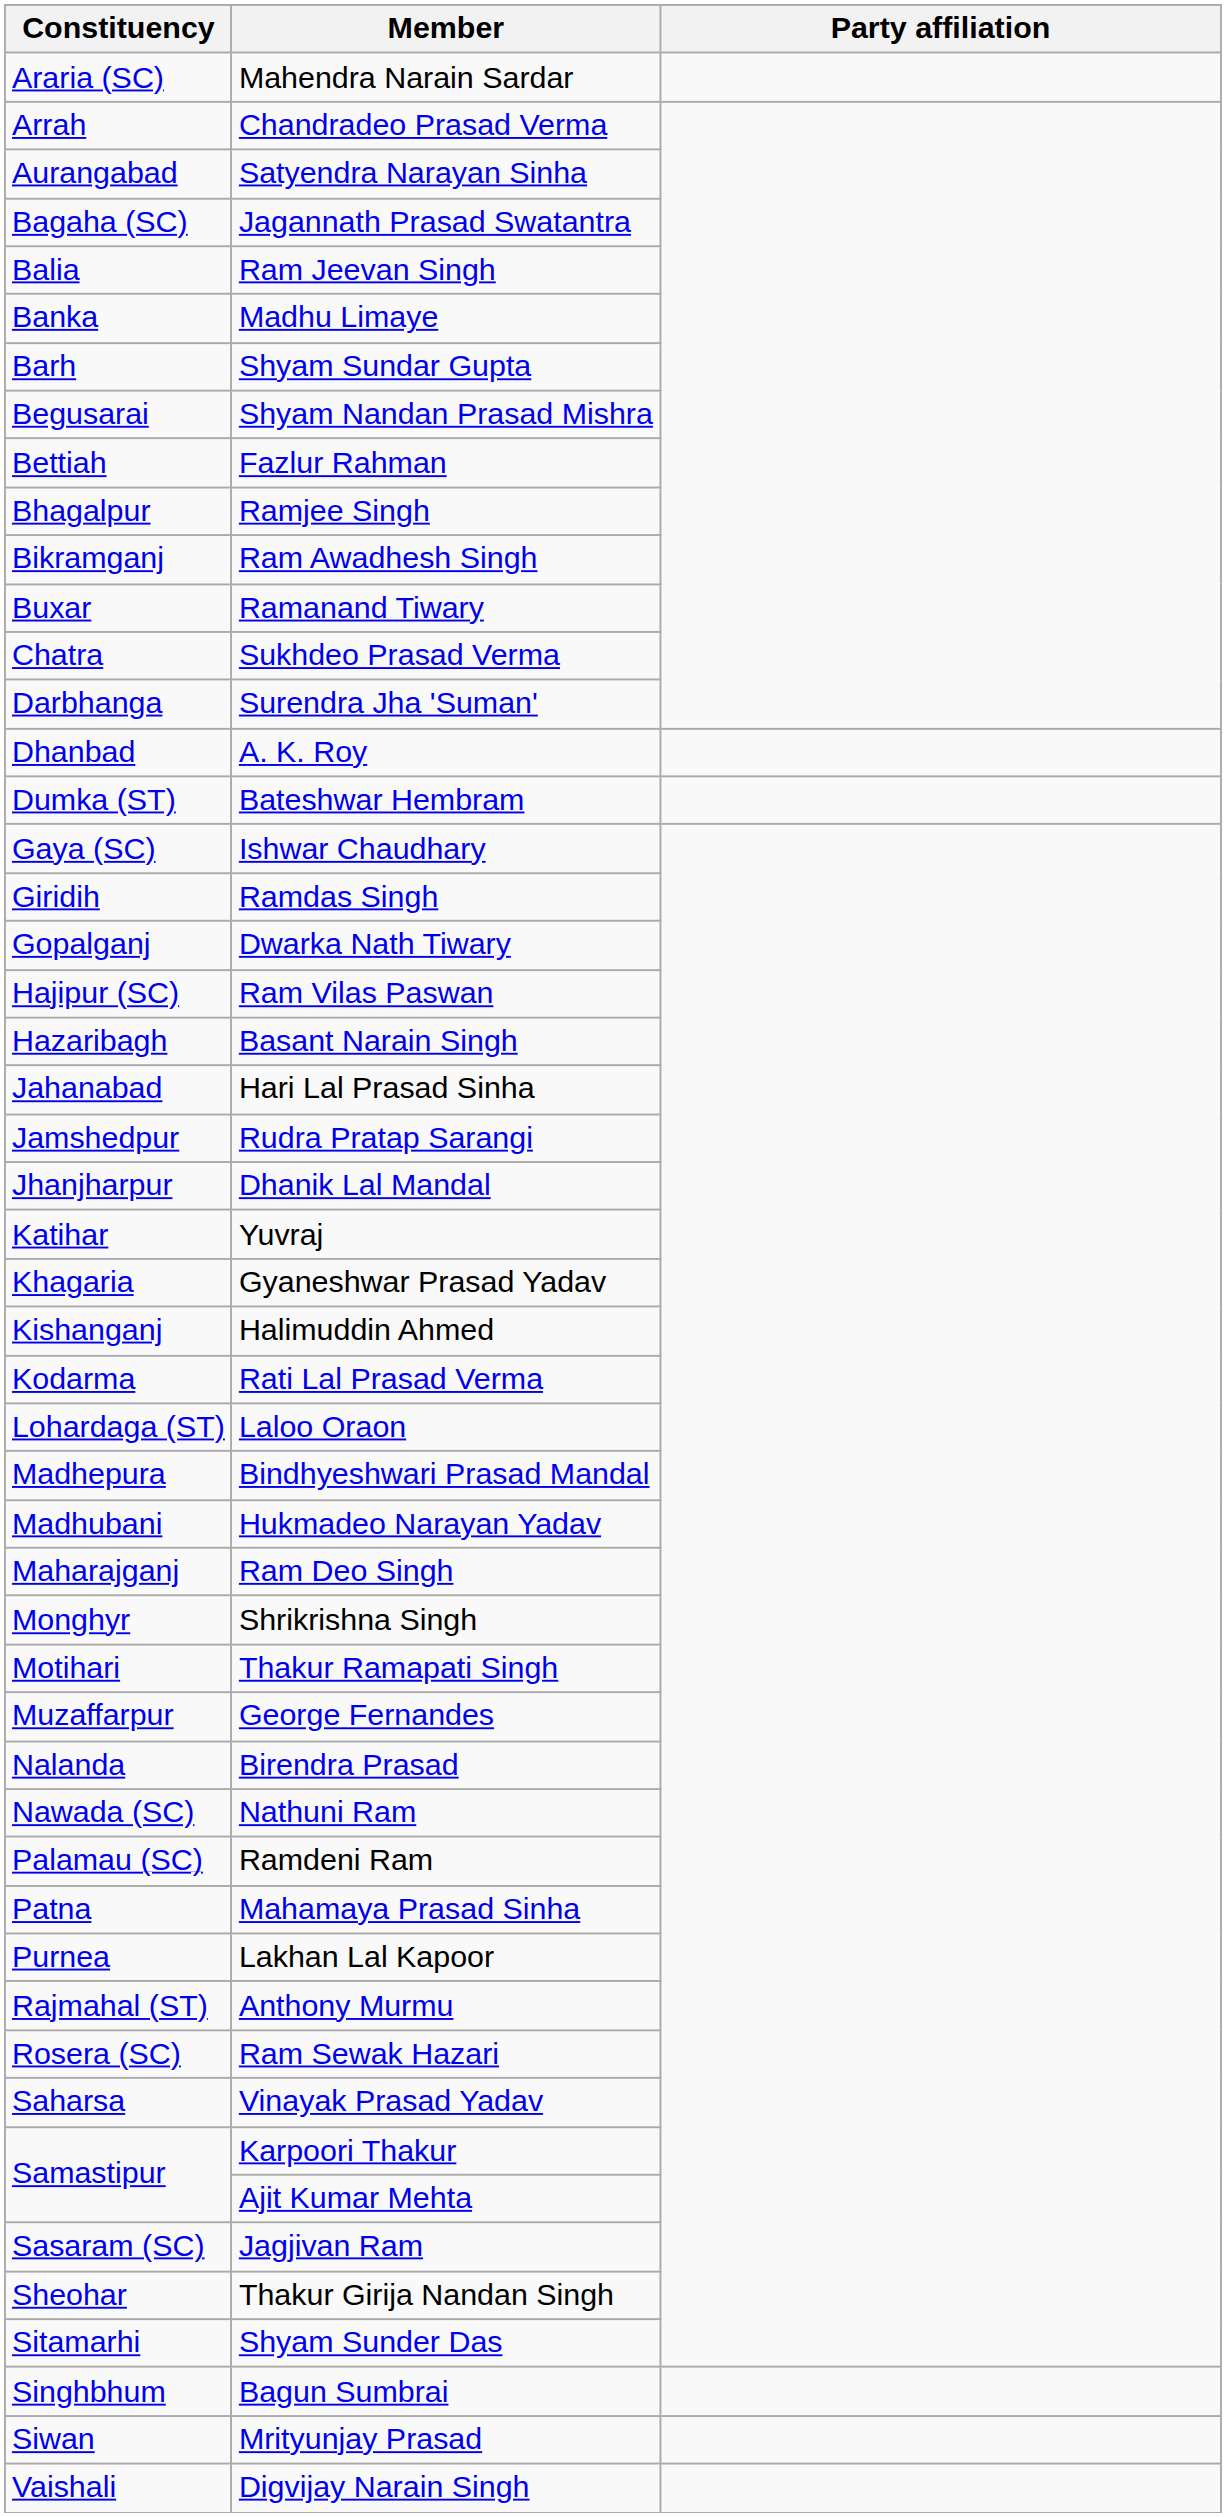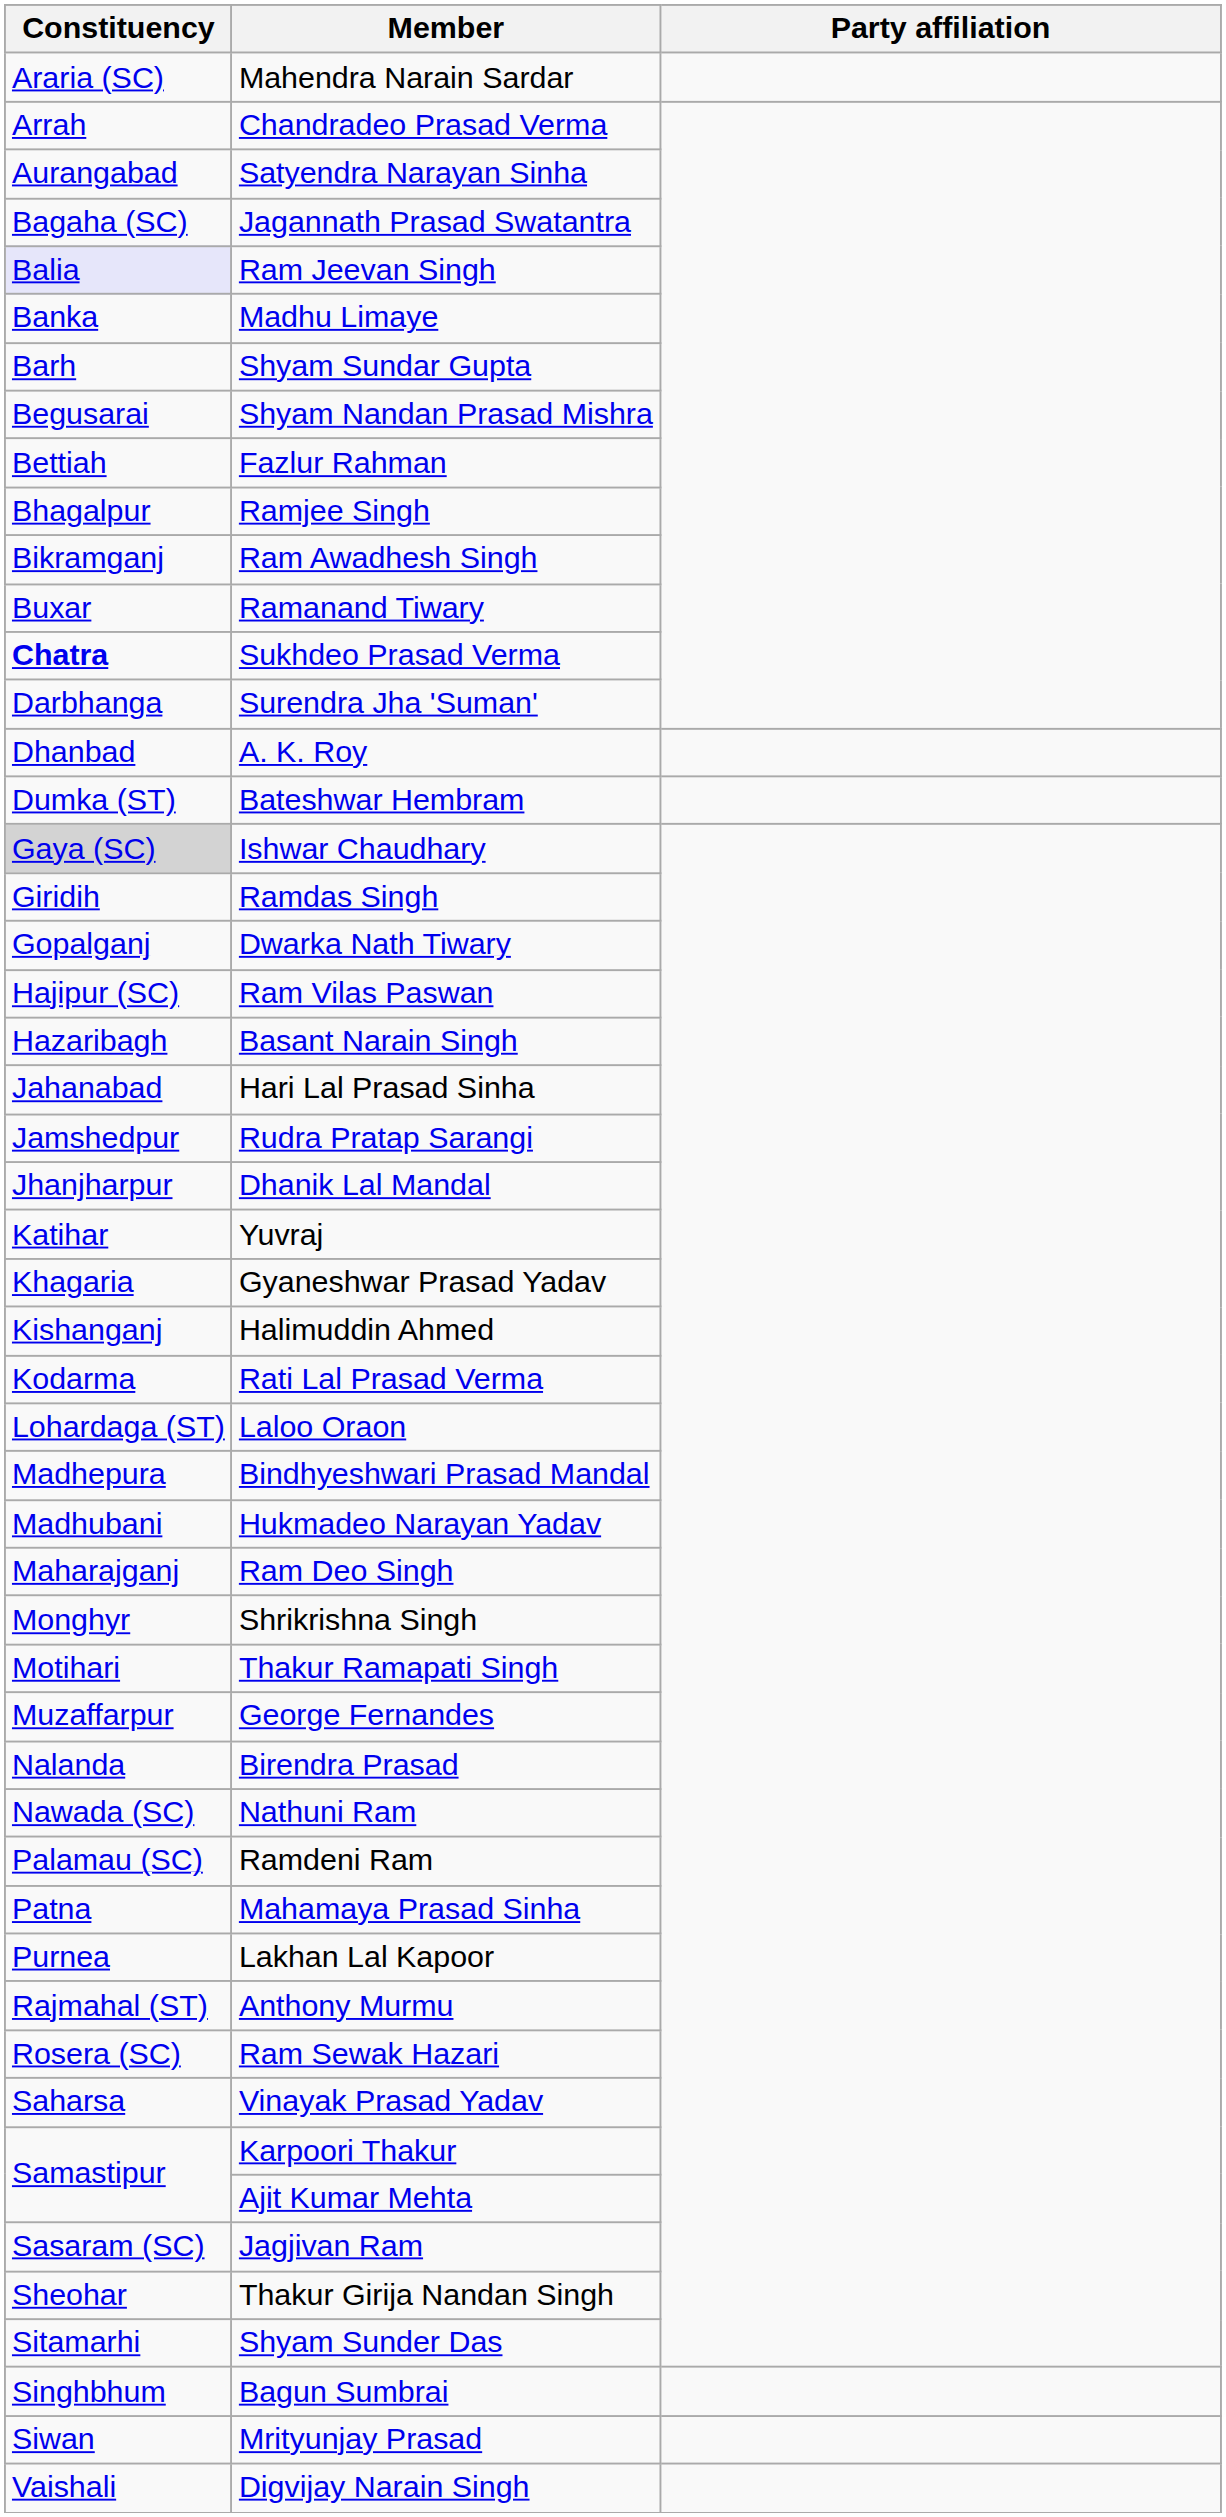 <table class="wikitable sortable">
 <tr>
 <th>Constituency</th>
 <th>Member</th>
 <th colspan="2" style="width:18em">Party affiliation</th>
 </tr>
 <tr>
 <td><a href='#'>Araria (SC)</a></td>
 <td>Mahendra Narain Sardar</td>
 <td></td>
 </tr>
 <tr>
 <td><a href='#'>Arrah</a></td>
 <td><a href='#'>Chandradeo Prasad Verma</a></td>
 </tr>
 <tr>
 <td><a href='#'>Aurangabad</a></td>
 <td><a href='#'>Satyendra Narayan Sinha</a></td>
 </tr>
 <tr>
 <td><a href='#'>Bagaha (SC)</a></td>
 <td><a href='#'>Jagannath Prasad Swatantra</a></td>
 </tr>
 <tr>
-<td><a href='#'>Balia</a></td>
+<td style="background: lavender;"><a href='#'>Balia</a></td>
 <td><a href='#'>Ram Jeevan Singh</a></td>
 </tr>
 <tr>
 <td><a href='#'>Banka</a></td>
 <td><a href='#'>Madhu Limaye</a></td>
 </tr>
 <tr>
 <td><a href='#'>Barh</a></td>
 <td><a href='#'>Shyam Sundar Gupta</a></td>
 </tr>
 <tr>
 <td><a href='#'>Begusarai</a></td>
 <td><a href='#'>Shyam Nandan Prasad Mishra</a></td>
 </tr>
 <tr>
 <td><a href='#'>Bettiah</a></td>
 <td><a href='#'>Fazlur Rahman</a></td>
 </tr>
 <tr>
 <td><a href='#'>Bhagalpur</a></td>
 <td><a href='#'>Ramjee Singh</a></td>
 </tr>
 <tr>
 <td><a href='#'>Bikramganj</a></td>
 <td><a href='#'>Ram Awadhesh Singh</a></td>
 </tr>
 <tr>
 <td><a href='#'>Buxar</a></td>
 <td><a href='#'>Ramanand Tiwary</a></td>
 </tr>
 <tr>
-<td><a href='#'>Chatra</a></td>
+<td><strong><a href='#'>Chatra</a></strong></td>
 <td><a href='#'>Sukhdeo Prasad Verma</a></td>
 </tr>
 <tr>
 <td><a href='#'>Darbhanga</a></td>
 <td><a href='#'>Surendra Jha 'Suman'</a></td>
 </tr>
 <tr>
 <td><a href='#'>Dhanbad</a></td>
 <td><a href='#'>A. K. Roy</a></td>
 <td></td>
 </tr>
 <tr>
 <td><a href='#'>Dumka (ST)</a></td>
 <td><a href='#'>Bateshwar Hembram</a></td>
 <td></td>
 </tr>
 <tr>
-<td><a href='#'>Gaya (SC)</a></td>
+<td style="background: lightgrey;"><a href='#'>Gaya (SC)</a></td>
 <td><a href='#'>Ishwar Chaudhary</a></td>
 </tr>
 <tr>
 <td><a href='#'>Giridih</a></td>
 <td><a href='#'>Ramdas Singh</a></td>
 </tr>
 <tr>
 <td><a href='#'>Gopalganj</a></td>
 <td><a href='#'>Dwarka Nath Tiwary</a></td>
 </tr>
 <tr>
 <td><a href='#'>Hajipur (SC)</a></td>
 <td><a href='#'>Ram Vilas Paswan</a></td>
 </tr>
 <tr>
 <td><a href='#'>Hazaribagh</a></td>
 <td><a href='#'>Basant Narain Singh</a></td>
 </tr>
 <tr>
 <td><a href='#'>Jahanabad</a></td>
 <td>Hari Lal Prasad Sinha</td>
 </tr>
 <tr>
 <td><a href='#'>Jamshedpur</a></td>
 <td><a href='#'>Rudra Pratap Sarangi</a></td>
 </tr>
 <tr>
 <td><a href='#'>Jhanjharpur</a></td>
 <td><a href='#'>Dhanik Lal Mandal</a></td>
 </tr>
 <tr>
 <td><a href='#'>Katihar</a></td>
 <td>Yuvraj</td>
 </tr>
 <tr>
 <td><a href='#'>Khagaria</a></td>
 <td>Gyaneshwar Prasad Yadav</td>
 </tr>
 <tr>
 <td><a href='#'>Kishanganj</a></td>
 <td>Halimuddin Ahmed</td>
 </tr>
 <tr>
 <td><a href='#'>Kodarma</a></td>
 <td><a href='#'>Rati Lal Prasad Verma</a></td>
 </tr>
 <tr>
 <td><a href='#'>Lohardaga (ST)</a></td>
 <td><a href='#'>Laloo Oraon</a></td>
 </tr>
 <tr>
 <td><a href='#'>Madhepura</a></td>
 <td><a href='#'>Bindhyeshwari Prasad Mandal</a></td>
 </tr>
 <tr>
 <td><a href='#'>Madhubani</a></td>
 <td><a href='#'>Hukmadeo Narayan Yadav</a></td>
 </tr>
 <tr>
 <td><a href='#'>Maharajganj</a></td>
 <td><a href='#'>Ram Deo Singh</a></td>
 </tr>
 <tr>
 <td><a href='#'>Monghyr</a></td>
 <td>Shrikrishna Singh</td>
 </tr>
 <tr>
 <td><a href='#'>Motihari</a></td>
 <td><a href='#'>Thakur Ramapati Singh</a></td>
 </tr>
 <tr>
 <td><a href='#'>Muzaffarpur</a></td>
 <td><a href='#'>George Fernandes</a></td>
 </tr>
 <tr>
 <td><a href='#'>Nalanda</a></td>
 <td><a href='#'>Birendra Prasad</a></td>
 </tr>
 <tr>
 <td><a href='#'>Nawada (SC)</a></td>
 <td><a href='#'>Nathuni Ram</a></td>
 </tr>
 <tr>
 <td><a href='#'>Palamau (SC)</a></td>
 <td>Ramdeni Ram</td>
 </tr>
 <tr>
 <td><a href='#'>Patna</a></td>
 <td><a href='#'>Mahamaya Prasad Sinha</a></td>
 </tr>
 <tr>
 <td><a href='#'>Purnea</a></td>
 <td>Lakhan Lal Kapoor</td>
 </tr>
 <tr>
 <td><a href='#'>Rajmahal (ST)</a></td>
 <td><a href='#'>Anthony Murmu</a></td>
 </tr>
 <tr>
 <td><a href='#'>Rosera (SC)</a></td>
 <td><a href='#'>Ram Sewak Hazari</a></td>
 </tr>
 <tr>
 <td><a href='#'>Saharsa</a></td>
 <td><a href='#'>Vinayak Prasad Yadav</a></td>
 </tr>
 <tr>
 <td rowspan=2><a href='#'>Samastipur</a></td>
 <td><a href='#'>Karpoori Thakur</a></td>
 </tr>
 <tr>
 <td><a href='#'>Ajit Kumar Mehta</a></td>
 </tr>
 <tr>
 <td><a href='#'>Sasaram (SC)</a></td>
 <td><a href='#'>Jagjivan Ram</a></td>
 </tr>
 <tr>
 <td><a href='#'>Sheohar</a></td>
 <td>Thakur Girija Nandan Singh</td>
 </tr>
 <tr>
 <td><a href='#'>Sitamarhi</a></td>
 <td><a href='#'>Shyam Sunder Das</a></td>
 </tr>
 <tr>
 <td><a href='#'>Singhbhum</a></td>
 <td><a href='#'>Bagun Sumbrai</a></td>
 <td></td>
 </tr>
 <tr>
 <td><a href='#'>Siwan</a></td>
 <td><a href='#'>Mrityunjay Prasad</a></td>
 <td></td>
 </tr>
 <tr>
 <td><a href='#'>Vaishali</a></td>
 <td><a href='#'>Digvijay Narain Singh</a></td>
 </tr>
 <tr>
 </tr>
 </table>
